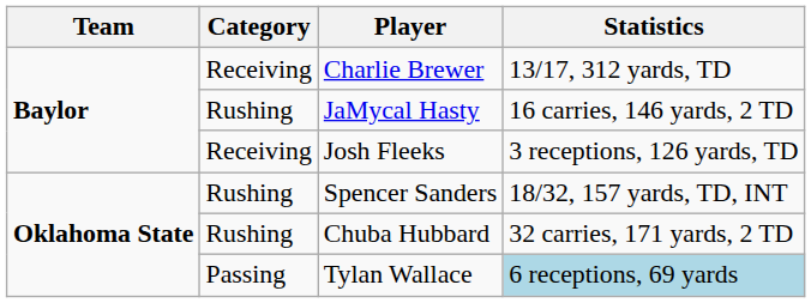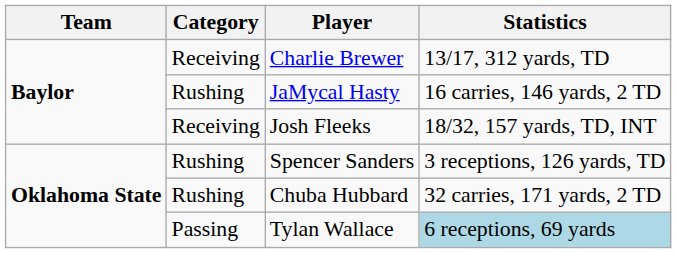 <table class="wikitable" style="float: right;">
 <tr>
 <th>Team</th>
 <th>Category</th>
 <th>Player</th>
 <th>Statistics</th>
 </tr>
 <tr>
 <td rowspan=3><strong>Baylor</strong></td>
 <td>Receiving</td>
 <td><a href='#'>Charlie Brewer</a></td>
 <td>13/17, 312 yards, TD</td>
 </tr>
 <tr>
 <td>Rushing</td>
 <td><a href='#'>JaMycal Hasty</a></td>
 <td>16 carries, 146 yards, 2 TD</td>
 </tr>
 <tr>
 <td>Receiving</td>
 <td>Josh Fleeks</td>
-<td>3 receptions, 126 yards, TD</td>
+<td>18/32, 157 yards, TD, INT</td>
 </tr>
 <tr>
 <td rowspan=3><strong>Oklahoma State</strong></td>
 <td>Rushing</td>
 <td>Spencer Sanders</td>
-<td>18/32, 157 yards, TD, INT</td>
+<td>3 receptions, 126 yards, TD</td>
 </tr>
 <tr>
 <td>Rushing</td>
 <td>Chuba Hubbard</td>
 <td>32 carries, 171 yards, 2 TD</td>
 </tr>
 <tr>
 <td>Passing</td>
 <td>Tylan Wallace</td>
 <td style="background: lightblue;">6 receptions, 69 yards</td>
 </tr>
 </table>
